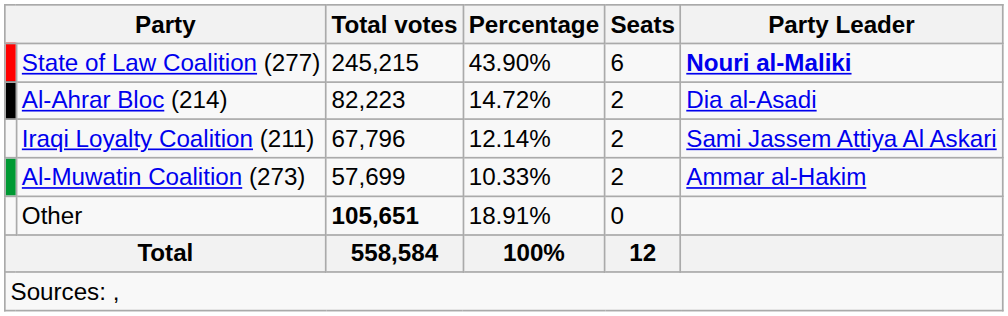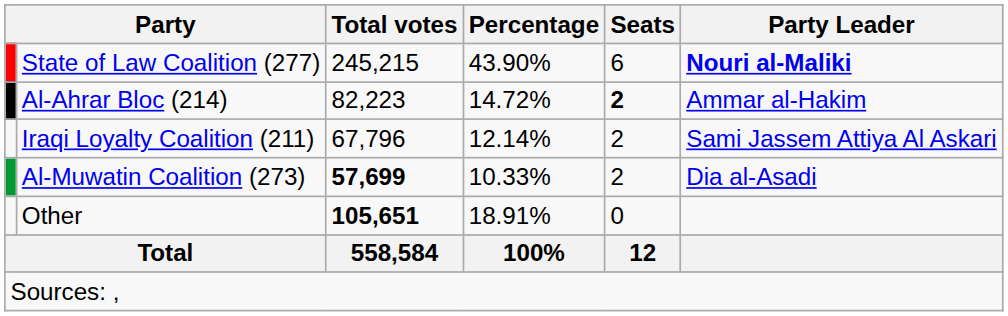 <table class="wikitable sortable" style="border:1px solid #8888aa; background-color:#f8f8f8; padding:0px; font-size:90%;">
 <tr style="background-color:#E9E9E9">
 <th colspan=2>Party</th>
 <th>Total votes</th>
 <th>Percentage</th>
 <th>Seats</th>
 <th>Party Leader</th>
 </tr>
 <tr>
 <td bgcolor="#FF0000"></td>
 <td><a href='#'>State of Law Coalition</a> (277)</td>
 <td>245,215</td>
 <td>43.90%</td>
 <td>6</td>
 <td><strong><a href='#'>Nouri al-Maliki</a></strong></td>
 </tr>
 <tr>
 <td bgcolor="#000000"></td>
 <td><a href='#'>Al-Ahrar Bloc</a> (214)</td>
 <td>82,223</td>
 <td>14.72%</td>
-<td>2</td>
-<td><a href='#'>Dia al-Asadi</a></td>
+<td><strong>2</strong></td>
+<td><a href='#'>Ammar al-Hakim</a></td>
 </tr>
 <tr>
 <td></td>
 <td><a href='#'>Iraqi Loyalty Coalition</a> (211)</td>
 <td>67,796</td>
 <td>12.14%</td>
 <td>2</td>
 <td><a href='#'>Sami Jassem Attiya Al Askari</a></td>
 </tr>
 <tr>
 <td bgcolor="#009933"></td>
 <td><a href='#'>Al-Muwatin Coalition</a> (273)</td>
-<td>57,699</td>
+<td><strong>57,699</strong></td>
 <td>10.33%</td>
 <td>2</td>
-<td><a href='#'>Ammar al-Hakim</a></td>
+<td><a href='#'>Dia al-Asadi</a></td>
 </tr>
 <tr>
 <td></td>
 <td>Other</td>
 <td><strong>105,651</strong></td>
 <td>18.91%</td>
 <td>0</td>
 <td></td>
 </tr>
 <tr>
 <th colspan=2><strong>Total</strong></th>
 <th><strong>558,584</strong></th>
 <th><strong>100%</strong></th>
 <th><strong>12</strong></th>
 <th></th>
 </tr>
 <tr>
 <td colspan=7 align=left>Sources: ,  </td>
 </tr>
 </table>
